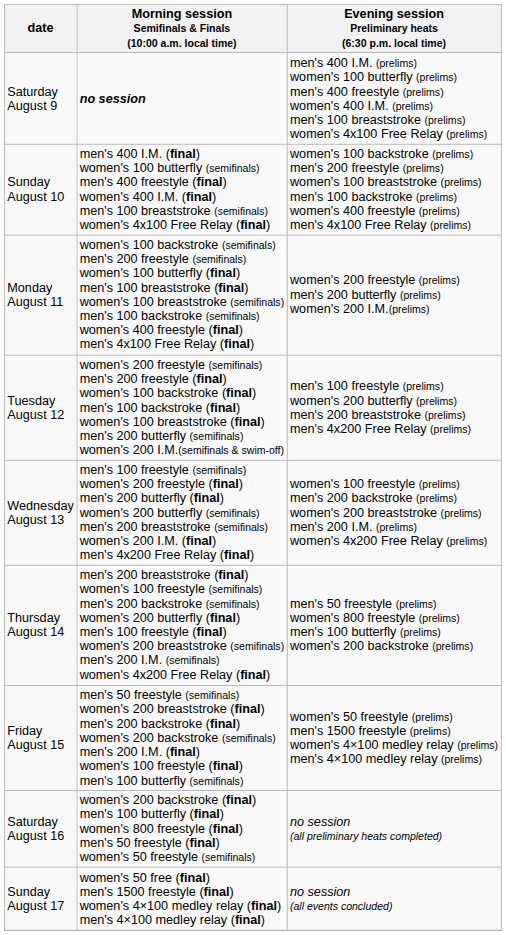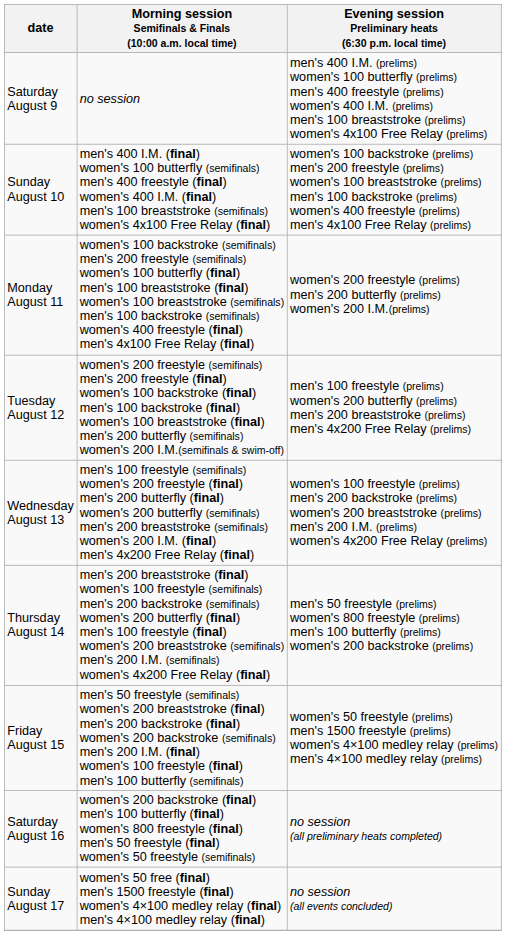 <table class=wikitable>
 <tr>
 <th>date</th>
 <th>Morning session <br> <small> Semifinals & Finals <br> (10:00 a.m. local time)</small></th>
 <th>Evening session <br> <small> Preliminary heats <br> (6:30 p.m. local time) </small></th>
 </tr>
 <tr>
 <td>Saturday <br> August 9</td>
-<td><strong><em>no session</em></strong></td>
+<td><em>no session</em></td>
 <td>men's 400 I.M. <small>(prelims)</small> <br> women's 100 butterfly <small>(prelims)</small> <br> men's 400 freestyle <small>(prelims)</small> <br> women's 400 I.M. <small>(prelims)</small> <br> men's 100 breaststroke <small>(prelims)</small> <br> women's 4x100 Free Relay <small>(prelims)</small></td>
 </tr>
 <tr>
 <td>Sunday <br> August 10</td>
 <td>men's 400 I.M. (<strong>final</strong>) <br> women's 100 butterfly <small>(semifinals)</small> <br> men's 400 freestyle (<strong>final</strong>) <br> women's 400 I.M. (<strong>final</strong>) <br> men's 100 breaststroke <small>(semifinals)</small> <br> women's 4x100 Free Relay (<strong>final</strong>)</td>
 <td>women's 100 backstroke <small>(prelims)</small><br> men's 200 freestyle <small>(prelims)</small><br> women's 100 breaststroke <small>(prelims)</small><br> men's 100 backstroke <small>(prelims)</small><br> women's 400 freestyle <small>(prelims)</small><br> men's 4x100 Free Relay <small>(prelims)</small></td>
 </tr>
 <tr>
 <td>Monday <br> August 11</td>
 <td>women's 100 backstroke <small>(semifinals)</small><br> men's 200 freestyle <small>(semifinals)</small><br> women's 100 butterfly (<strong>final</strong>) <br> men's 100 breaststroke (<strong>final</strong>)<br> women's 100 breaststroke <small>(semifinals)</small><br> men's 100 backstroke <small>(semifinals)</small><br> women's 400 freestyle (<strong>final</strong>) <br> men's 4x100 Free Relay (<strong>final</strong>)</td>
 <td>women's 200 freestyle <small>(prelims)</small><br> men's 200 butterfly <small>(prelims)</small><br> women's 200 I.M.<small>(prelims)</small></td>
 </tr>
 <tr>
 <td>Tuesday <br> August 12</td>
 <td>women's 200 freestyle <small>(semifinals)</small><br> men's 200 freestyle (<strong>final</strong>) <br> women's 100 backstroke (<strong>final</strong>) <br> men's 100 backstroke (<strong>final</strong>) <br> women's 100 breaststroke (<strong>final</strong>) <br> men's 200 butterfly <small>(semifinals)</small><br> women's 200 I.M.<small>(semifinals & swim-off)</small></td>
 <td>men's 100 freestyle <small>(prelims)</small><br> women's 200 butterfly <small>(prelims)</small><br> men's 200 breaststroke <small>(prelims)</small><br> men's 4x200 Free Relay <small>(prelims)</small></td>
 </tr>
 <tr>
 <td>Wednesday <br> August 13</td>
 <td>men's 100 freestyle <small>(semifinals)</small><br> women's 200 freestyle (<strong>final</strong>)<br> men's 200 butterfly (<strong>final</strong>) <br> women's 200 butterfly <small>(semifinals)</small><br> men's 200 breaststroke <small>(semifinals)</small><br> women's 200 I.M. (<strong>final</strong>) <br> men's 4x200 Free Relay (<strong>final</strong>)</td>
 <td>women's 100 freestyle <small>(prelims)</small><br> men's 200 backstroke <small>(prelims)</small><br> women's 200 breaststroke <small>(prelims)</small><br> men's 200 I.M. <small>(prelims)</small><br> women's 4x200 Free Relay <small>(prelims)</small></td>
 </tr>
 <tr>
 <td>Thursday <br> August 14</td>
 <td>men's 200 breaststroke (<strong>final</strong>)<br> women's 100 freestyle <small>(semifinals)</small><br> men's 200 backstroke <small>(semifinals)</small><br> women's 200 butterfly (<strong>final</strong>)<br> men's 100 freestyle (<strong>final</strong>)<br> women's 200 breaststroke <small>(semifinals)</small><br> men's 200 I.M. <small>(semifinals)</small><br> women's 4x200 Free Relay (<strong>final</strong>)</td>
 <td>men's 50 freestyle <small>(prelims)</small><br> women's 800 freestyle <small>(prelims)</small><br> men's 100 butterfly <small>(prelims)</small><br> women's 200 backstroke <small>(prelims)</small></td>
 </tr>
 <tr>
 <td>Friday <br> August 15</td>
 <td>men's 50 freestyle <small>(semifinals)</small><br> women's 200 breaststroke (<strong>final</strong>)<br> men's 200 backstroke (<strong>final</strong>)<br> women's 200 backstroke <small>(semifinals)</small><br> men's 200 I.M. (<strong>final</strong>)<br> women's 100 freestyle (<strong>final</strong>)<br> men's 100 butterfly <small>(semifinals)</small></td>
 <td>women's 50 freestyle <small>(prelims)</small><br> men's 1500 freestyle <small>(prelims)</small><br> women's 4×100 medley relay <small>(prelims)</small><br> men's 4×100 medley relay <small>(prelims)</small></td>
 </tr>
 <tr>
 <td>Saturday <br> August 16</td>
 <td>women's 200 backstroke (<strong>final</strong>)<br> men's 100 butterfly (<strong>final</strong>)<br> women's 800 freestyle (<strong>final</strong>)<br> men's 50 freestyle (<strong>final</strong>)<br> women's 50 freestyle <small>(semifinals)</small></td>
 <td><em>no session <small><br>(all preliminary heats completed)</small></em></td>
 </tr>
 <tr>
 <td>Sunday <br> August 17</td>
 <td>women's 50 free (<strong>final</strong>)<br> men's 1500 freestyle (<strong>final</strong>)<br> women's 4×100 medley relay (<strong>final</strong>)<br> men's 4×100 medley relay (<strong>final</strong>)</td>
 <td><em>no session <small><br>(all events concluded)</small></em></td>
 </tr>
 <tr>
 </tr>
 </table>
